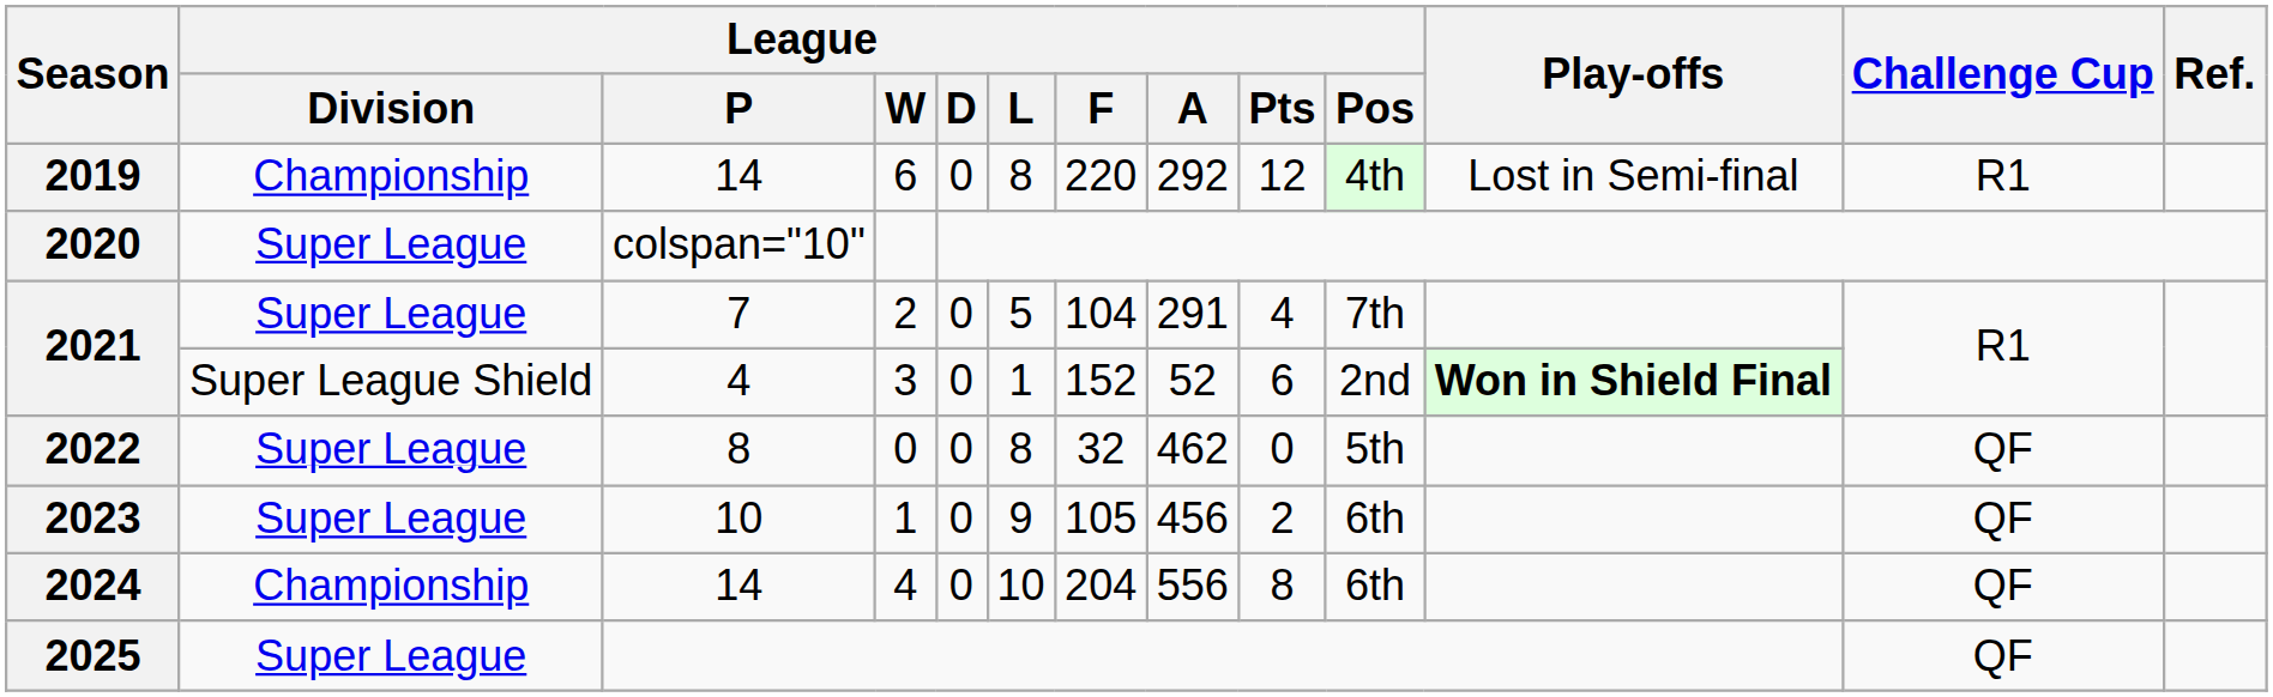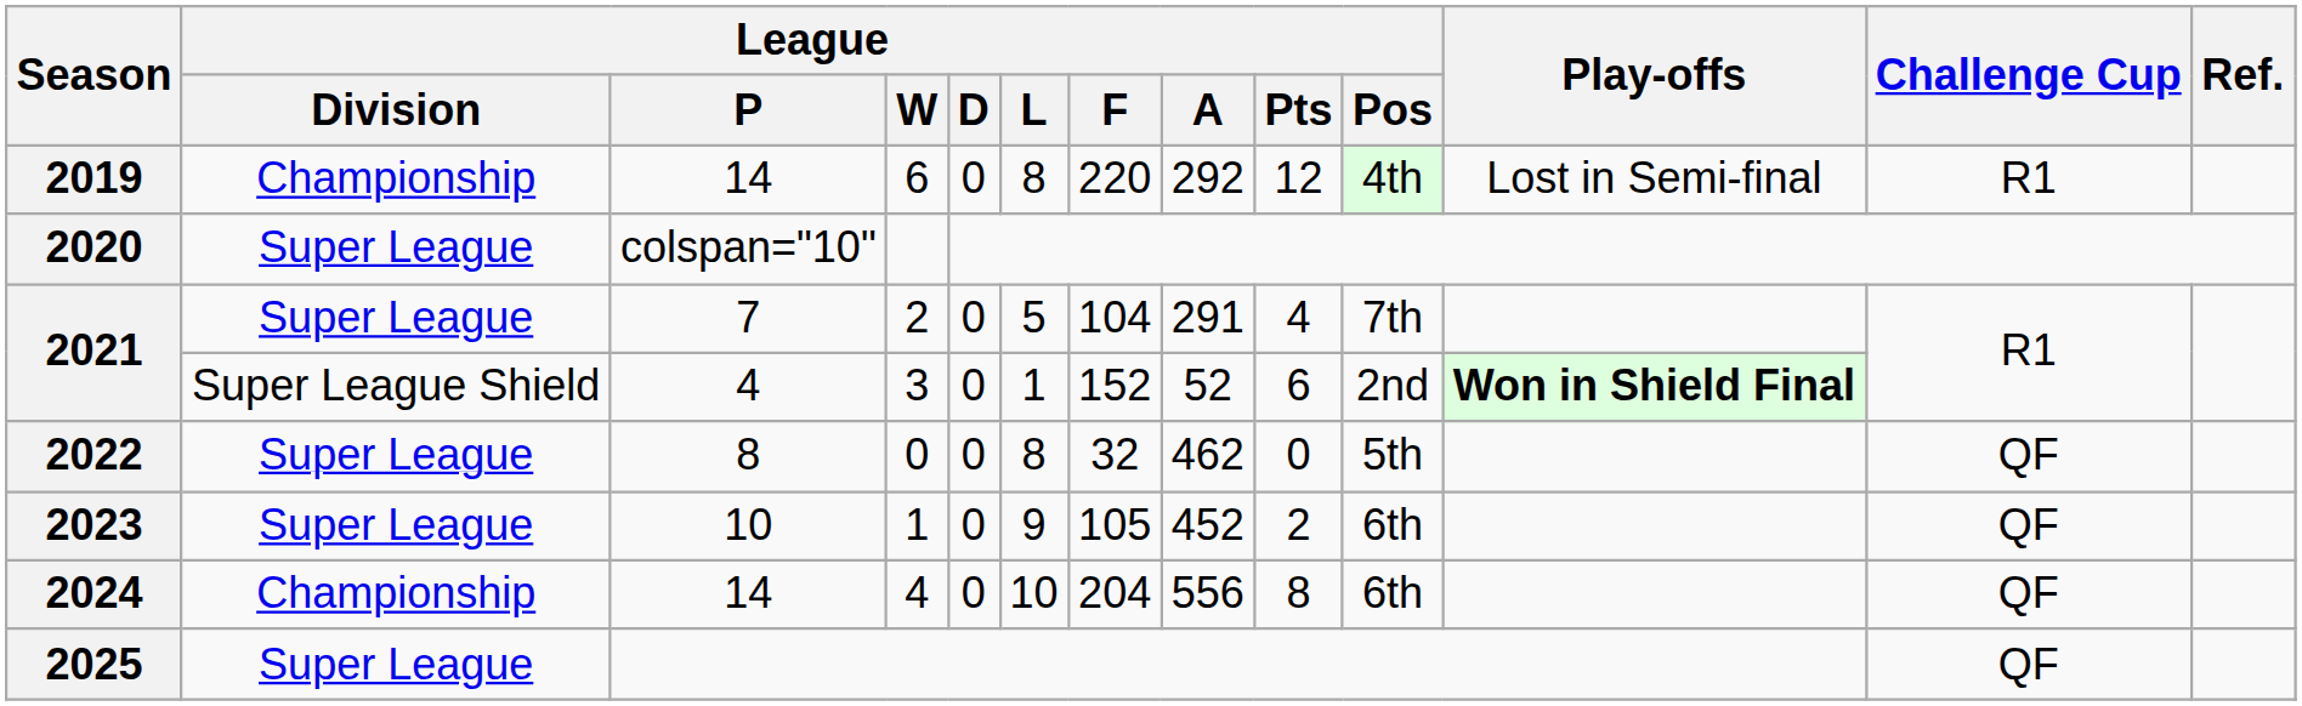 <table class="wikitable" style="text-align: center">
 <tr>
 <th rowspan="2" scope="col">Season</th>
 <th colspan="9" scope="col">League</th>
 <th rowspan="2" scope="col">Play-offs</th>
 <th rowspan="2" scope="col"><a href='#'>Challenge Cup</a></th>
 <th rowspan="2" scope="col">Ref.</th>
 </tr>
 <tr>
 <th scope="col">Division</th>
 <th scope="col">P</th>
 <th scope="col">W</th>
 <th scope="col">D</th>
 <th scope="col">L</th>
 <th scope="col">F</th>
 <th scope="col">A</th>
 <th scope="col">Pts</th>
 <th scope="col">Pos</th>
 </tr>
 <tr>
 <th scope="row">2019</th>
 <td><a href='#'>Championship</a></td>
 <td>14</td>
 <td>6</td>
 <td>0</td>
 <td>8</td>
 <td>220</td>
 <td>292</td>
 <td>12</td>
 <td style="background:#ddffdd;">4th</td>
 <td>Lost in Semi-final</td>
 <td>R1</td>
 <td></td>
 </tr>
 <tr>
 <th scope="row">2020</th>
 <td><a href='#'>Super League</a></td>
 <td>colspan="10" </td>
 <td></td>
 </tr>
 <tr>
 <th scope="row" rowspan="2">2021</th>
 <td><a href='#'>Super League</a></td>
 <td>7</td>
 <td>2</td>
 <td>0</td>
 <td>5</td>
 <td>104</td>
 <td>291</td>
 <td>4</td>
 <td>7th</td>
 <td></td>
 <td rowspan="2">R1</td>
 <td rowspan="2"><br></td>
 </tr>
 <tr>
 <td>Super League Shield</td>
 <td>4</td>
 <td>3</td>
 <td>0</td>
 <td>1</td>
 <td>152</td>
 <td>52</td>
 <td>6</td>
 <td>2nd</td>
 <td style="background:#ddffdd;"><strong>Won in Shield Final</strong></td>
 </tr>
 <tr>
 <th scope="row">2022</th>
 <td><a href='#'>Super League</a></td>
 <td>8</td>
 <td>0</td>
 <td>0</td>
 <td>8</td>
 <td>32</td>
 <td>462</td>
 <td>0</td>
 <td>5th</td>
 <td></td>
 <td>QF</td>
 <td></td>
 </tr>
 <tr>
 <th scope="row">2023</th>
 <td><a href='#'>Super League</a></td>
 <td>10</td>
 <td>1</td>
 <td>0</td>
 <td>9</td>
 <td>105</td>
-<td>456</td>
+<td>452</td>
 <td>2</td>
 <td>6th</td>
 <td></td>
 <td>QF</td>
 <td></td>
 </tr>
 <tr>
 <th scope="row">2024</th>
 <td><a href='#'>Championship</a></td>
 <td>14</td>
 <td>4</td>
 <td>0</td>
 <td>10</td>
 <td>204</td>
 <td>556</td>
 <td>8</td>
 <td>6th</td>
 <td></td>
 <td>QF</td>
 <td></td>
 </tr>
 <tr>
 <th scope="row">2025</th>
 <td><a href='#'>Super League</a></td>
 <td colspan=9></td>
 <td>QF</td>
 <td></td>
 </tr>
 </table>
